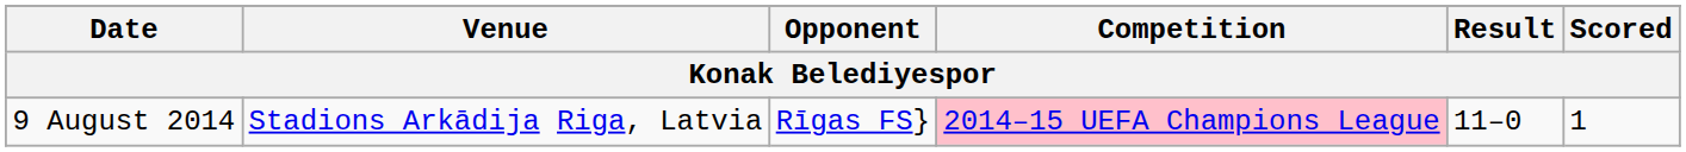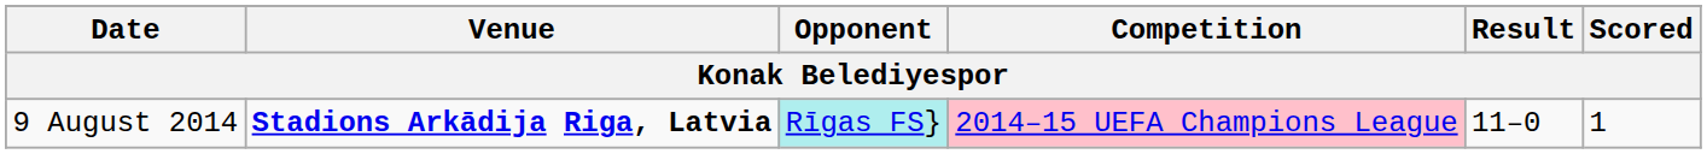 <table class=wikitable>
 <tr>
 </tr>
 <tr>
 <th>Date</th>
 <th>Venue</th>
 <th>Opponent</th>
 <th>Competition</th>
 <th>Result</th>
 <th>Scored</th>
 </tr>
 <tr>
 <th colspan=6>Konak Belediyespor</th>
 </tr>
 <tr>
 <td>9 August 2014</td>
-<td><a href='#'>Stadions Arkādija</a> <a href='#'>Riga</a>, Latvia</td>
-<td> <a href='#'>Rīgas FS</a>}</td>
+<td><strong><a href='#'>Stadions Arkādija</a> <a href='#'>Riga</a>, Latvia</strong></td>
+<td style="background: paleturquoise;"> <a href='#'>Rīgas FS</a>}</td>
 <td style="background: pink;"><a href='#'>2014–15 UEFA Champions League</a></td>
 <td>11–0</td>
 <td>1</td>
 </tr>
 </table>
